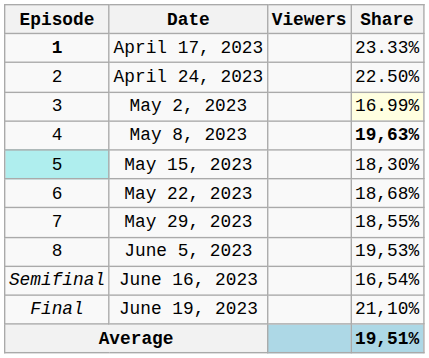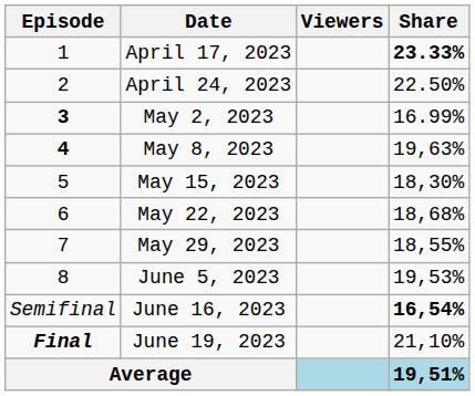 <table class="wikitable" style="text-align:center;">
 <tr>
 <th>Episode</th>
 <th>Date</th>
 <th>Viewers</th>
 <th>Share</th>
 </tr>
 <tr>
-<td><strong>1</strong></td>
+<td>1</td>
 <td>April 17, 2023</td>
 <td></td>
-<td>23.33%</td>
+<td><strong>23.33%</strong></td>
 </tr>
 <tr>
 <td>2</td>
 <td>April 24, 2023</td>
 <td></td>
 <td>22.50%</td>
 </tr>
 <tr>
-<td>3</td>
+<td><strong>3</strong></td>
 <td>May 2, 2023</td>
 <td></td>
-<td style="background: lightyellow;">16.99%</td>
+<td>16.99%</td>
 </tr>
 <tr>
-<td>4</td>
+<td><strong>4</strong></td>
 <td>May 8, 2023</td>
 <td></td>
-<td><strong>19,63%</strong></td>
+<td>19,63%</td>
 </tr>
 <tr>
-<td style="background: paleturquoise;">5</td>
+<td>5</td>
 <td>May 15, 2023</td>
 <td></td>
 <td>18,30%</td>
 </tr>
 <tr>
 <td>6</td>
 <td>May 22, 2023</td>
 <td></td>
 <td>18,68%</td>
 </tr>
 <tr>
 <td>7</td>
 <td>May 29, 2023</td>
 <td></td>
 <td>18,55%</td>
 </tr>
 <tr>
 <td>8</td>
 <td>June 5, 2023</td>
 <td></td>
 <td>19,53%</td>
 </tr>
 <tr>
 <td><em>Semifinal</em></td>
 <td>June 16, 2023</td>
 <td></td>
-<td>16,54%</td>
+<td><strong>16,54%</strong></td>
 </tr>
 <tr>
-<td><em>Final</em></td>
+<td><strong><em>Final</em></strong></td>
 <td>June 19, 2023</td>
 <td></td>
 <td>21,10%</td>
 </tr>
 <tr>
 <th colspan="2">Average</th>
 <th style="background:lightblue"><strong> </strong></th>
 <th style="background:lightblue"><strong>19,51%</strong></th>
 </tr>
 </table>
